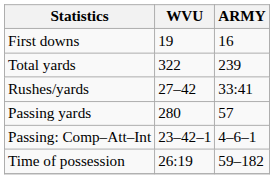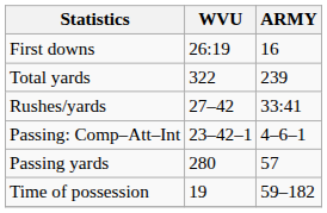 <table class="wikitable" style="float: left;">
 <tr>
 <th>Statistics</th>
 <th>WVU</th>
 <th>ARMY</th>
 </tr>
 <tr>
 <td>First downs</td>
-<td>19</td>
+<td>26:19</td>
 <td>16</td>
 </tr>
 <tr>
 <td>Total yards</td>
 <td>322</td>
 <td>239</td>
 </tr>
 <tr>
 <td>Rushes/yards</td>
 <td>27–42</td>
 <td>33:41</td>
 </tr>
 <tr>
+<td>Passing: Comp–Att–Int</td>
+<td>23–42–1</td>
+<td>4–6–1</td>
+</tr>
+<tr>
 <td>Passing yards</td>
 <td>280</td>
 <td>57</td>
 </tr>
 <tr>
-<td>Passing: Comp–Att–Int</td>
-<td>23–42–1</td>
-<td>4–6–1</td>
-</tr>
-<tr>
 <td>Time of possession</td>
-<td>26:19</td>
+<td>19</td>
 <td>59–182</td>
 </tr>
 <tr>
 </tr>
 </table>
